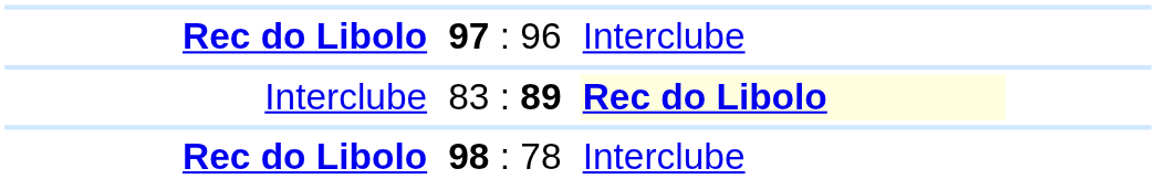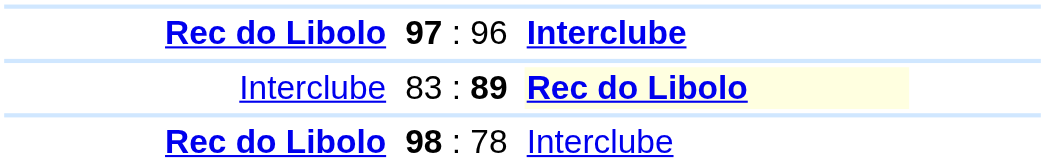 <table style="text-align:center" width=500>
 <tr>
 <th width=30%></th>
 <th width=10%></th>
 <th width=30%></th>
 <th width=10%></th>
 </tr>
 <tr align="left" bgcolor=#D0E7FF>
 <td colspan=4></td>
 </tr>
 <tr>
 <td align="right"><strong><a href='#'>Rec do Libolo</a></strong></td>
 <td><strong>97</strong> : 96</td>
-<td align=left><a href='#'>Interclube</a></td>
+<td align=left><strong><a href='#'>Interclube</a></strong></td>
 </tr>
 <tr align="left" bgcolor=#D0E7FF>
 <td colspan=4></td>
 </tr>
 <tr>
 <td align="right"><a href='#'>Interclube</a></td>
 <td>83 : <strong>89</strong></td>
 <td align=left style="background: lightyellow;"><strong><a href='#'>Rec do Libolo</a></strong></td>
 </tr>
 <tr align="left" bgcolor=#D0E7FF>
 <td colspan=4></td>
 </tr>
 <tr>
 <td align="right"><strong><a href='#'>Rec do Libolo</a></strong></td>
 <td><strong>98</strong> : 78</td>
 <td align=left><a href='#'>Interclube</a></td>
 </tr>
 </table>
